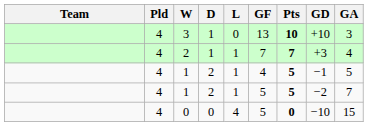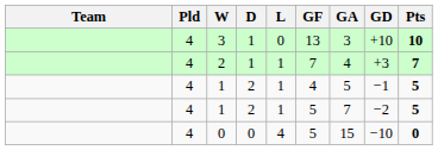 <table class="wikitable" style="text-align: center;">
 <tr>
 <th width="175">Team</th>
 <th width="30">Pld</th>
 <th width="25">W</th>
 <th width="25">D</th>
 <th width="25">L</th>
 <th width="30">GF</th>
+<th width="30">GA</th>
+<th width="30">GD</th>
 <th width="30">Pts</th>
-<th width="30">GD</th>
-<th width="30">GA</th>
 </tr>
 <tr bgcolor="#ccffcc">
 <td align=left></td>
 <td>4</td>
 <td>3</td>
 <td>1</td>
 <td>0</td>
 <td>13</td>
+<td>3</td>
+<td>+10</td>
 <td><strong>10</strong></td>
-<td>+10</td>
-<td>3</td>
 </tr>
 <tr bgcolor="#ccffcc">
 <td align=left></td>
 <td>4</td>
 <td>2</td>
 <td>1</td>
 <td>1</td>
 <td>7</td>
+<td>4</td>
+<td>+3</td>
 <td><strong>7</strong></td>
-<td>+3</td>
-<td>4</td>
 </tr>
 <tr>
 <td align=left></td>
 <td>4</td>
 <td>1</td>
 <td>2</td>
 <td>1</td>
 <td>4</td>
+<td>5</td>
+<td>−1</td>
 <td><strong>5</strong></td>
-<td>−1</td>
-<td>5</td>
 </tr>
 <tr>
 <td align=left></td>
 <td>4</td>
 <td>1</td>
 <td>2</td>
 <td>1</td>
 <td>5</td>
+<td>7</td>
+<td>−2</td>
 <td><strong>5</strong></td>
-<td>−2</td>
-<td>7</td>
 </tr>
 <tr>
 <td align=left></td>
 <td>4</td>
 <td>0</td>
 <td>0</td>
 <td>4</td>
 <td>5</td>
+<td>15</td>
+<td>−10</td>
 <td><strong>0</strong></td>
-<td>−10</td>
-<td>15</td>
 </tr>
 </table>
